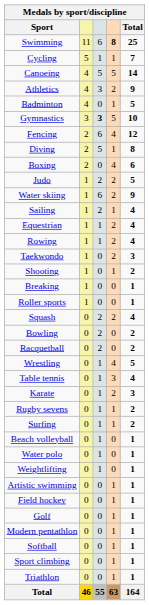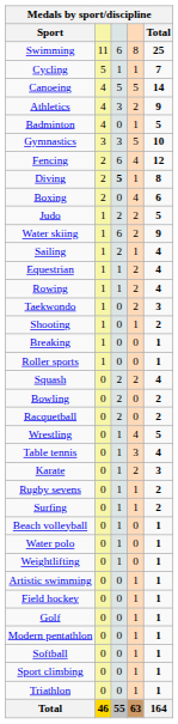 <table class="wikitable" style=font-size:85%;float:right;text-align:center>
 <tr>
 <th colspan=5>Medals by sport/discipline</th>
 </tr>
 <tr>
 <th>Sport</th>
 <td bgcolor=F7F6A8></td>
 <td bgcolor=DCE5E5></td>
 <td bgcolor=FFDAB9></td>
 <th>Total</th>
 </tr>
 <tr>
 <td><a href='#'>Swimming</a></td>
 <td bgcolor=F7F6A8>11</td>
 <td bgcolor=DCE5E5>6</td>
-<td bgcolor=FFDAB9><strong>8</strong></td>
+<td bgcolor=FFDAB9>8</td>
 <td><strong>25</strong></td>
 </tr>
 <tr>
 <td><a href='#'>Cycling</a></td>
 <td bgcolor=F7F6A8>5</td>
 <td bgcolor=DCE5E5>1</td>
 <td bgcolor=FFDAB9>1</td>
 <td><strong>7</strong></td>
 </tr>
 <tr>
 <td><a href='#'>Canoeing</a></td>
 <td bgcolor=F7F6A8>4</td>
 <td bgcolor=DCE5E5>5</td>
 <td bgcolor=FFDAB9>5</td>
 <td><strong>14</strong></td>
 </tr>
 <tr>
 <td><a href='#'>Athletics</a></td>
 <td bgcolor=F7F6A8>4</td>
 <td bgcolor=DCE5E5>3</td>
 <td bgcolor=FFDAB9>2</td>
 <td><strong>9</strong></td>
 </tr>
 <tr>
 <td><a href='#'>Badminton</a></td>
 <td bgcolor=F7F6A8>4</td>
 <td bgcolor=DCE5E5>0</td>
 <td bgcolor=FFDAB9>1</td>
 <td><strong>5</strong></td>
 </tr>
 <tr>
 <td><a href='#'>Gymnastics</a></td>
 <td bgcolor=F7F6A8>3</td>
-<td bgcolor=DCE5E5><strong>3</strong></td>
+<td bgcolor=DCE5E5>3</td>
 <td bgcolor=FFDAB9>5</td>
 <td><strong>10</strong></td>
 </tr>
 <tr>
 <td><a href='#'>Fencing</a></td>
 <td bgcolor=F7F6A8>2</td>
 <td bgcolor=DCE5E5>6</td>
 <td bgcolor=FFDAB9>4</td>
 <td><strong>12</strong></td>
 </tr>
 <tr>
 <td><a href='#'>Diving</a></td>
 <td bgcolor=F7F6A8>2</td>
-<td bgcolor=DCE5E5>5</td>
+<td bgcolor=DCE5E5><strong>5</strong></td>
 <td bgcolor=FFDAB9>1</td>
 <td><strong>8</strong></td>
 </tr>
 <tr>
 <td><a href='#'>Boxing</a></td>
 <td bgcolor=F7F6A8>2</td>
 <td bgcolor=DCE5E5>0</td>
 <td bgcolor=FFDAB9>4</td>
 <td><strong>6</strong></td>
 </tr>
 <tr>
 <td><a href='#'>Judo</a></td>
 <td bgcolor=F7F6A8>1</td>
 <td bgcolor=DCE5E5>2</td>
 <td bgcolor=FFDAB9>2</td>
 <td><strong>5</strong></td>
 </tr>
 <tr>
 <td><a href='#'>Water skiing</a></td>
 <td bgcolor=F7F6A8>1</td>
 <td bgcolor=DCE5E5>6</td>
 <td bgcolor=FFDAB9>2</td>
 <td><strong>9</strong></td>
 </tr>
 <tr>
 <td><a href='#'>Sailing</a></td>
 <td bgcolor=F7F6A8>1</td>
 <td bgcolor=DCE5E5>2</td>
 <td bgcolor=FFDAB9>1</td>
 <td><strong>4</strong></td>
 </tr>
 <tr>
 <td><a href='#'>Equestrian</a></td>
 <td bgcolor=F7F6A8>1</td>
 <td bgcolor=DCE5E5>1</td>
 <td bgcolor=FFDAB9>2</td>
 <td><strong>4</strong></td>
 </tr>
 <tr>
 <td><a href='#'>Rowing</a></td>
 <td bgcolor=F7F6A8>1</td>
 <td bgcolor=DCE5E5>1</td>
 <td bgcolor=FFDAB9>2</td>
 <td><strong>4</strong></td>
 </tr>
 <tr>
 <td><a href='#'>Taekwondo</a></td>
 <td bgcolor=F7F6A8>1</td>
 <td bgcolor=DCE5E5>0</td>
 <td bgcolor=FFDAB9>2</td>
 <td><strong>3</strong></td>
 </tr>
 <tr>
 <td><a href='#'>Shooting</a></td>
 <td bgcolor=F7F6A8>1</td>
 <td bgcolor=DCE5E5>0</td>
 <td bgcolor=FFDAB9>1</td>
 <td><strong>2</strong></td>
 </tr>
 <tr>
 <td><a href='#'>Breaking</a></td>
 <td bgcolor=F7F6A8>1</td>
 <td bgcolor=DCE5E5>0</td>
 <td bgcolor=FFDAB9>0</td>
 <td><strong>1</strong></td>
 </tr>
 <tr>
 <td><a href='#'>Roller sports</a></td>
 <td bgcolor=F7F6A8>1</td>
 <td bgcolor=DCE5E5>0</td>
 <td bgcolor=FFDAB9>0</td>
 <td><strong>1</strong></td>
 </tr>
 <tr>
 <td><a href='#'>Squash</a></td>
 <td bgcolor=F7F6A8>0</td>
 <td bgcolor=DCE5E5>2</td>
 <td bgcolor=FFDAB9>2</td>
 <td><strong>4</strong></td>
 </tr>
 <tr>
 <td><a href='#'>Bowling</a></td>
 <td bgcolor=F7F6A8>0</td>
 <td bgcolor=DCE5E5>2</td>
 <td bgcolor=FFDAB9>0</td>
 <td><strong>2</strong></td>
 </tr>
 <tr>
 <td><a href='#'>Racquetball</a></td>
 <td bgcolor=F7F6A8>0</td>
 <td bgcolor=DCE5E5>2</td>
 <td bgcolor=FFDAB9>0</td>
 <td><strong>2</strong></td>
 </tr>
 <tr>
 <td><a href='#'>Wrestling</a></td>
 <td bgcolor=F7F6A8>0</td>
 <td bgcolor=DCE5E5>1</td>
 <td bgcolor=FFDAB9>4</td>
 <td><strong>5</strong></td>
 </tr>
 <tr>
 <td><a href='#'>Table tennis</a></td>
 <td bgcolor=F7F6A8>0</td>
 <td bgcolor=DCE5E5>1</td>
 <td bgcolor=FFDAB9>3</td>
 <td><strong>4</strong></td>
 </tr>
 <tr>
 <td><a href='#'>Karate</a></td>
 <td bgcolor=F7F6A8>0</td>
 <td bgcolor=DCE5E5>1</td>
 <td bgcolor=FFDAB9>2</td>
 <td><strong>3</strong></td>
 </tr>
 <tr>
 <td><a href='#'>Rugby sevens</a></td>
 <td bgcolor=F7F6A8>0</td>
 <td bgcolor=DCE5E5>1</td>
 <td bgcolor=FFDAB9>1</td>
 <td><strong>2</strong></td>
 </tr>
 <tr>
 <td><a href='#'>Surfing</a></td>
 <td bgcolor=F7F6A8>0</td>
 <td bgcolor=DCE5E5>1</td>
 <td bgcolor=FFDAB9>1</td>
 <td><strong>2</strong></td>
 </tr>
 <tr>
 <td><a href='#'>Beach volleyball</a></td>
 <td bgcolor=F7F6A8>0</td>
 <td bgcolor=DCE5E5>1</td>
 <td bgcolor=FFDAB9>0</td>
 <td><strong>1</strong></td>
 </tr>
 <tr>
 <td><a href='#'>Water polo</a></td>
 <td bgcolor=F7F6A8>0</td>
 <td bgcolor=DCE5E5>1</td>
 <td bgcolor=FFDAB9>0</td>
 <td><strong>1</strong></td>
 </tr>
 <tr>
 <td><a href='#'>Weightlifting</a></td>
 <td bgcolor=F7F6A8>0</td>
 <td bgcolor=DCE5E5>1</td>
 <td bgcolor=FFDAB9>0</td>
 <td><strong>1</strong></td>
 </tr>
 <tr>
 <td><a href='#'>Artistic swimming</a></td>
 <td bgcolor=F7F6A8>0</td>
 <td bgcolor=DCE5E5>0</td>
 <td bgcolor=FFDAB9>1</td>
 <td><strong>1</strong></td>
 </tr>
 <tr>
 <td><a href='#'>Field hockey</a></td>
 <td bgcolor=F7F6A8>0</td>
 <td bgcolor=DCE5E5>0</td>
 <td bgcolor=FFDAB9>1</td>
 <td><strong>1</strong></td>
 </tr>
 <tr>
 <td><a href='#'>Golf</a></td>
 <td bgcolor=F7F6A8>0</td>
 <td bgcolor=DCE5E5>0</td>
 <td bgcolor=FFDAB9>1</td>
 <td><strong>1</strong></td>
 </tr>
 <tr>
 <td nowrap><a href='#'>Modern pentathlon</a></td>
 <td bgcolor=F7F6A8>0</td>
 <td bgcolor=DCE5E5>0</td>
 <td bgcolor=FFDAB9>1</td>
 <td><strong>1</strong></td>
 </tr>
 <tr>
 <td><a href='#'>Softball</a></td>
 <td bgcolor=F7F6A8>0</td>
 <td bgcolor=DCE5E5>0</td>
 <td bgcolor=FFDAB9>1</td>
 <td><strong>1</strong></td>
 </tr>
 <tr>
 <td><a href='#'>Sport climbing</a></td>
 <td bgcolor=F7F6A8>0</td>
 <td bgcolor=DCE5E5>0</td>
 <td bgcolor=FFDAB9>1</td>
 <td><strong>1</strong></td>
 </tr>
 <tr>
 <td><a href='#'>Triathlon</a></td>
 <td bgcolor=F7F6A8>0</td>
 <td bgcolor=DCE5E5>0</td>
 <td bgcolor=FFDAB9>1</td>
 <td><strong>1</strong></td>
 </tr>
 <tr>
 <th>Total</th>
 <th style=background:gold>46</th>
 <th style=background:silver>55</th>
 <th style=background:#c96>63</th>
 <th>164</th>
 </tr>
 </table>
